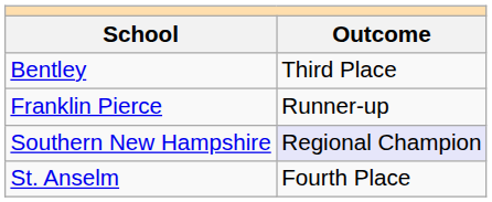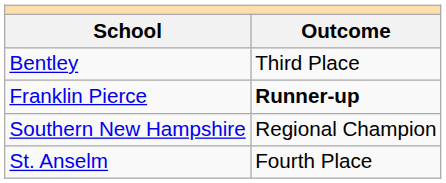 <table class="wikitable" style="float:left; margin-right:1em;">
 <tr>
 <th colspan="3" style="background:#ffdead;"></th>
 </tr>
 <tr>
 <th>School</th>
 <th>Outcome</th>
 </tr>
 <tr>
 <td><a href='#'>Bentley</a></td>
 <td>Third Place</td>
 </tr>
 <tr>
 <td><a href='#'>Franklin Pierce</a></td>
-<td>Runner-up</td>
+<td><strong>Runner-up</strong></td>
 </tr>
 <tr>
 <td><a href='#'>Southern New Hampshire</a></td>
-<td style="background: lavender;">Regional Champion</td>
+<td>Regional Champion</td>
 </tr>
 <tr>
 <td><a href='#'>St. Anselm</a></td>
 <td>Fourth Place</td>
 </tr>
 </table>
